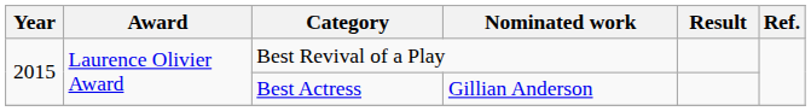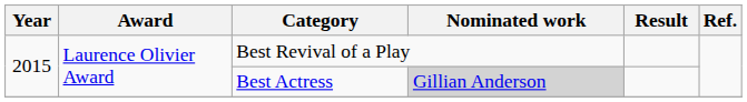 <table class=wikitable>
 <tr>
 <th scope="col" style="width:3em;">Year</th>
 <th scope="col" style="width:20em;">Award</th>
 <th scope="col" style="width:20em;">Category</th>
 <th scope="col" style="width:25em;">Nominated work</th>
 <th scope="col" style="width:5em;">Result</th>
 <th>Ref.</th>
 </tr>
 <tr>
 <td style="text-align:center;", rowspan=2>2015</td>
 <td rowspan=2><a href='#'>Laurence Olivier Award</a></td>
 <td colspan=2>Best Revival of a Play</td>
 <td></td>
 <td rowspan=2></td>
 </tr>
 <tr>
 <td><a href='#'>Best Actress</a></td>
-<td><a href='#'>Gillian Anderson</a></td>
+<td style="background: lightgrey;"><a href='#'>Gillian Anderson</a></td>
 <td></td>
 </tr>
 <tr>
 </tr>
 </table>
